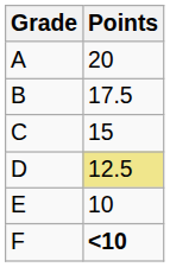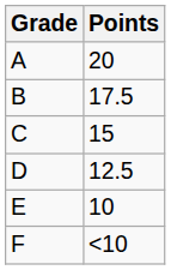 <table class="wikitable">
 <tr>
 <th>Grade</th>
 <th>Points</th>
 </tr>
 <tr>
 <td>A</td>
 <td>20</td>
 </tr>
 <tr>
 <td>B</td>
 <td>17.5</td>
 </tr>
 <tr>
 <td>C</td>
 <td>15</td>
 </tr>
 <tr>
 <td>D</td>
-<td style="background: khaki;">12.5</td>
+<td>12.5</td>
 </tr>
 <tr>
 <td>E</td>
 <td>10</td>
 </tr>
 <tr>
 <td>F</td>
-<td><strong><10</strong></td>
+<td><10</td>
 </tr>
 </table>
